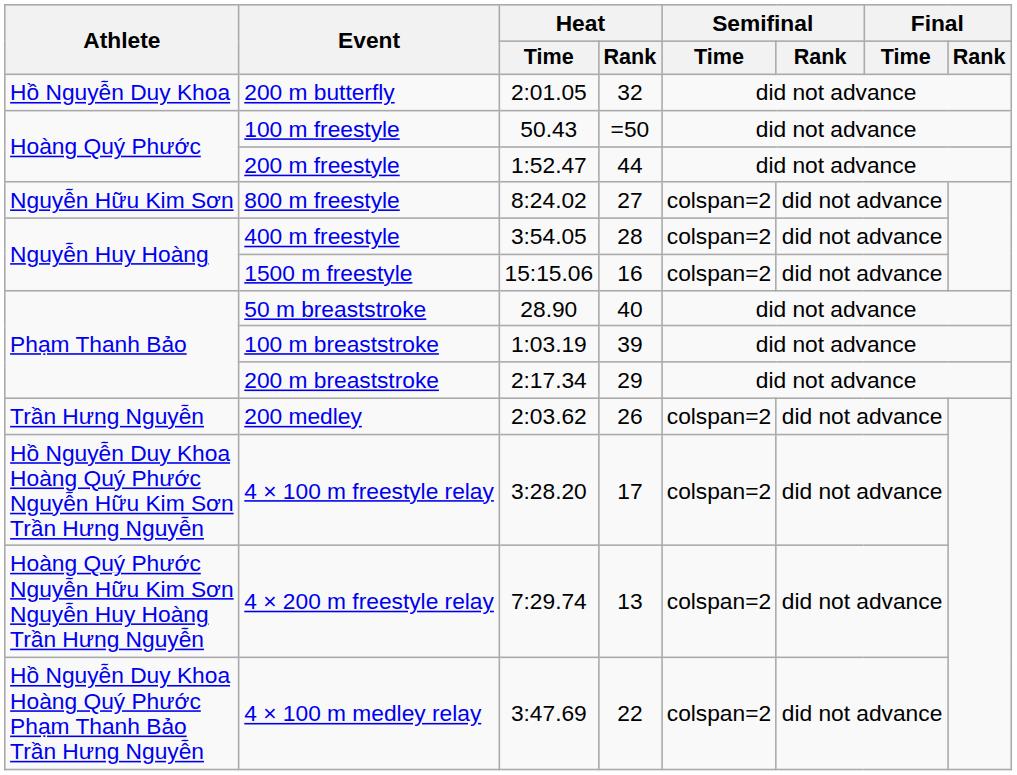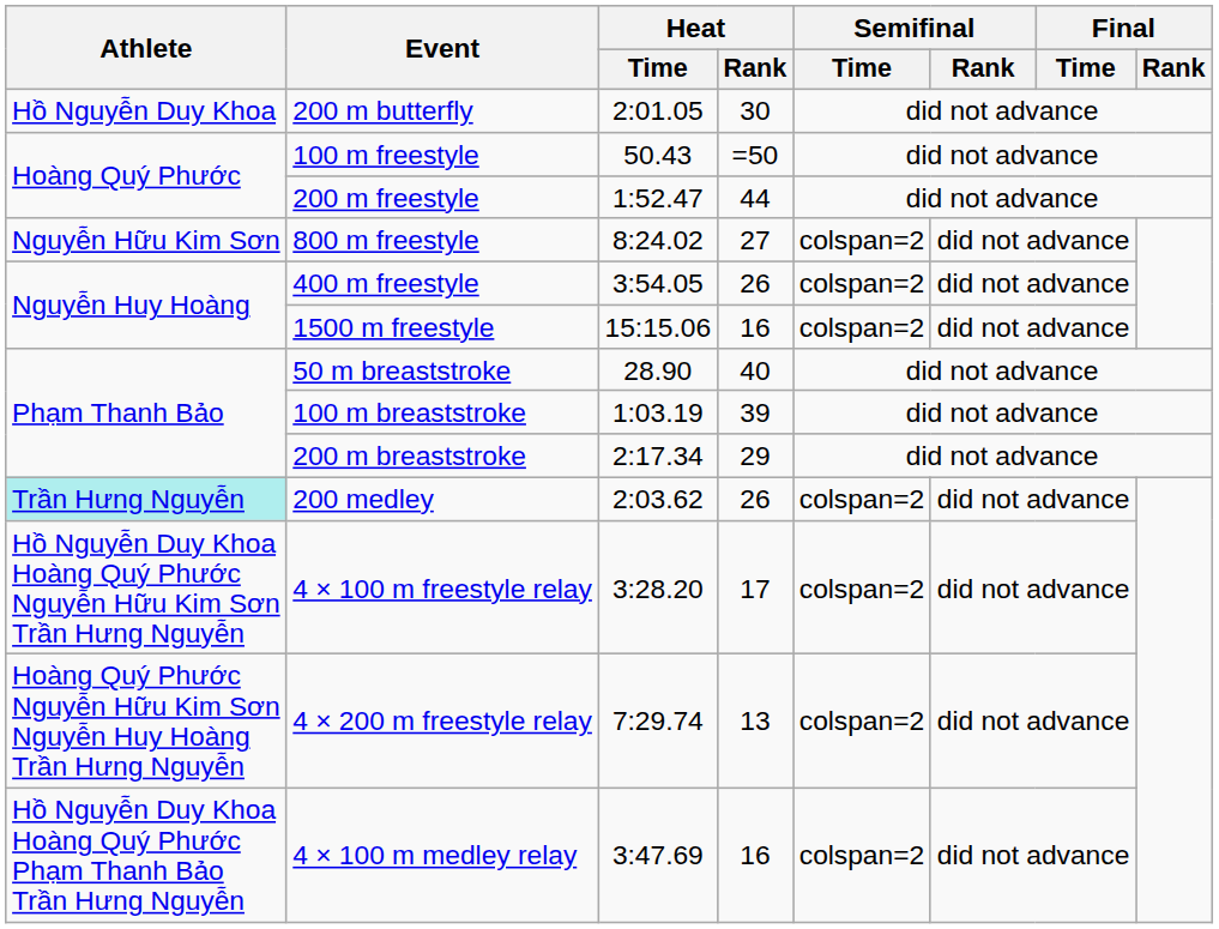 <table class="wikitable" style="text-align:center; font-size:90%">
 <tr>
 <th rowspan="2">Athlete</th>
 <th rowspan="2">Event</th>
 <th colspan="2">Heat</th>
 <th colspan="2">Semifinal</th>
 <th colspan="2">Final</th>
 </tr>
 <tr style="font-size:95%">
 <th>Time</th>
 <th>Rank</th>
 <th>Time</th>
 <th>Rank</th>
 <th>Time</th>
 <th>Rank</th>
 </tr>
 <tr>
 <td align=left><a href='#'>Hồ Nguyễn Duy Khoa</a></td>
 <td align=left><a href='#'>200 m butterfly</a></td>
 <td>2:01.05</td>
-<td>32</td>
+<td>30</td>
 <td colspan=4>did not advance</td>
 </tr>
 <tr>
 <td rowspan=2 align=left><a href='#'>Hoàng Quý Phước</a></td>
 <td align=left><a href='#'>100 m freestyle</a></td>
 <td>50.43</td>
 <td>=50</td>
 <td colspan=4>did not advance</td>
 </tr>
 <tr>
 <td align=left><a href='#'>200 m freestyle</a></td>
 <td>1:52.47</td>
 <td>44</td>
 <td colspan=4>did not advance</td>
 </tr>
 <tr>
 <td align=left><a href='#'>Nguyễn Hữu Kim Sơn</a></td>
 <td align=left><a href='#'>800 m freestyle</a></td>
 <td>8:24.02</td>
 <td>27</td>
 <td>colspan=2 </td>
 <td colspan=2>did not advance</td>
 </tr>
 <tr>
 <td rowspan=2 align=left><a href='#'>Nguyễn Huy Hoàng</a></td>
 <td align=left><a href='#'>400 m freestyle</a></td>
 <td>3:54.05</td>
-<td>28</td>
+<td>26</td>
 <td>colspan=2 </td>
 <td colspan=2>did not advance</td>
 </tr>
 <tr>
 <td align=left><a href='#'>1500 m freestyle</a></td>
 <td>15:15.06</td>
 <td>16</td>
 <td>colspan=2 </td>
 <td colspan=2>did not advance</td>
 </tr>
 <tr>
 <td rowspan=3 align=left><a href='#'>Phạm Thanh Bảo</a></td>
 <td align=left><a href='#'>50 m breaststroke</a></td>
 <td>28.90</td>
 <td>40</td>
 <td colspan=4>did not advance</td>
 </tr>
 <tr>
 <td align=left><a href='#'>100 m breaststroke</a></td>
 <td>1:03.19</td>
 <td>39</td>
 <td colspan=4>did not advance</td>
 </tr>
 <tr>
 <td align=left><a href='#'>200 m breaststroke</a></td>
 <td>2:17.34</td>
 <td>29</td>
 <td colspan=4>did not advance</td>
 </tr>
 <tr>
-<td align=left><a href='#'>Trần Hưng Nguyễn</a></td>
+<td align=left style="background: paleturquoise;"><a href='#'>Trần Hưng Nguyễn</a></td>
 <td align=left><a href='#'>200 medley</a></td>
 <td>2:03.62</td>
 <td>26</td>
 <td>colspan=2 </td>
 <td colspan=2>did not advance</td>
 </tr>
 <tr>
 <td align=left><a href='#'>Hồ Nguyễn Duy Khoa</a><br><a href='#'>Hoàng Quý Phước</a><br><a href='#'>Nguyễn Hữu Kim Sơn</a><br><a href='#'>Trần Hưng Nguyễn</a></td>
 <td align=left><a href='#'>4 × 100 m freestyle relay</a></td>
 <td>3:28.20</td>
 <td>17</td>
 <td>colspan=2 </td>
 <td colspan=2>did not advance</td>
 </tr>
 <tr>
 <td align=left><a href='#'>Hoàng Quý Phước</a><br><a href='#'>Nguyễn Hữu Kim Sơn</a><br><a href='#'>Nguyễn Huy Hoàng</a><br><a href='#'>Trần Hưng Nguyễn</a></td>
 <td align=left><a href='#'>4 × 200 m freestyle relay</a></td>
 <td>7:29.74</td>
 <td>13</td>
 <td>colspan=2 </td>
 <td colspan=2>did not advance</td>
 </tr>
 <tr>
 <td align=left><a href='#'>Hồ Nguyễn Duy Khoa</a><br><a href='#'>Hoàng Quý Phước</a><br><a href='#'>Phạm Thanh Bảo</a><br><a href='#'>Trần Hưng Nguyễn</a></td>
 <td align=left><a href='#'>4 × 100 m medley relay</a></td>
 <td>3:47.69</td>
-<td>22</td>
+<td>16</td>
 <td>colspan=2 </td>
 <td colspan=2>did not advance</td>
 </tr>
 </table>
